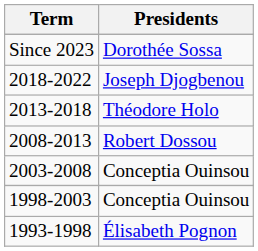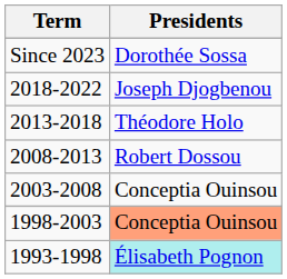 <table class="wikitable">
 <tr>
 <th>Term</th>
 <th>Presidents</th>
 </tr>
 <tr>
 </tr>
 <tr>
 <td>Since 2023</td>
 <td><a href='#'>Dorothée Sossa</a></td>
 </tr>
 <tr>
 <td>2018-2022</td>
 <td><a href='#'>Joseph Djogbenou</a></td>
 </tr>
 <tr>
 <td>2013-2018</td>
 <td><a href='#'>Théodore Holo</a></td>
 </tr>
 <tr>
 <td>2008-2013</td>
 <td><a href='#'>Robert Dossou</a></td>
 </tr>
 <tr>
 <td>2003-2008</td>
 <td>Conceptia Ouinsou</td>
 </tr>
 <tr>
 </tr>
 <tr>
 <td>1998-2003</td>
-<td>Conceptia Ouinsou</td>
+<td style="background: lightsalmon;">Conceptia Ouinsou</td>
 </tr>
 <tr>
 <td>1993-1998</td>
-<td><a href='#'>Élisabeth Pognon</a></td>
+<td style="background: paleturquoise;"><a href='#'>Élisabeth Pognon</a></td>
 </tr>
 </table>
